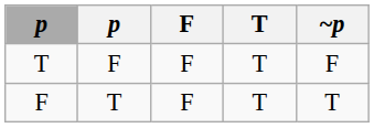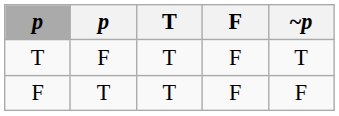 <table border="1" class="wikitable" style="text-align:center;">
 <tr>
 <th style="width:40px;background:#aaaaaa;"><em>p</em></th>
 <th style="width:40px"><em>p</em></th>
+<th style="width:40px">T</th>
 <th style="width:40px">F</th>
-<th style="width:40px">T</th>
 <th style="width:40px">~<em>p</em></th>
 </tr>
 <tr>
 <td>T</td>
 <td>F</td>
+<td>T</td>
 <td>F</td>
 <td>T</td>
-<td>F</td>
 </tr>
 <tr>
 <td>F</td>
 <td>T</td>
+<td>T</td>
 <td>F</td>
-<td>T</td>
-<td>T</td>
+<td>F</td>
 </tr>
 </table>
